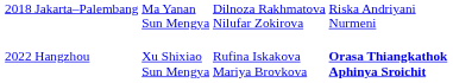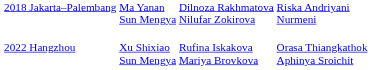 <table>
 <tr>
 <td><a href='#'>2018 Jakarta–Palembang</a></td>
 <td><br><a href='#'>Ma Yanan</a><br><a href='#'>Sun Mengya</a></td>
 <td><br><a href='#'>Dilnoza Rakhmatova</a><br><a href='#'>Nilufar Zokirova</a></td>
 <td><br><a href='#'>Riska Andriyani</a><br><a href='#'>Nurmeni</a></td>
 </tr>
 <tr>
 <td><a href='#'>2022 Hangzhou</a></td>
 <td><br><a href='#'>Xu Shixiao</a><br><a href='#'>Sun Mengya</a></td>
 <td><br><a href='#'>Rufina Iskakova</a><br><a href='#'>Mariya Brovkova</a></td>
-<td><strong><br><a href='#'>Orasa Thiangkathok</a><br><a href='#'>Aphinya Sroichit</a></strong></td>
+<td><br><a href='#'>Orasa Thiangkathok</a><br><a href='#'>Aphinya Sroichit</a></td>
 </tr>
 </table>
